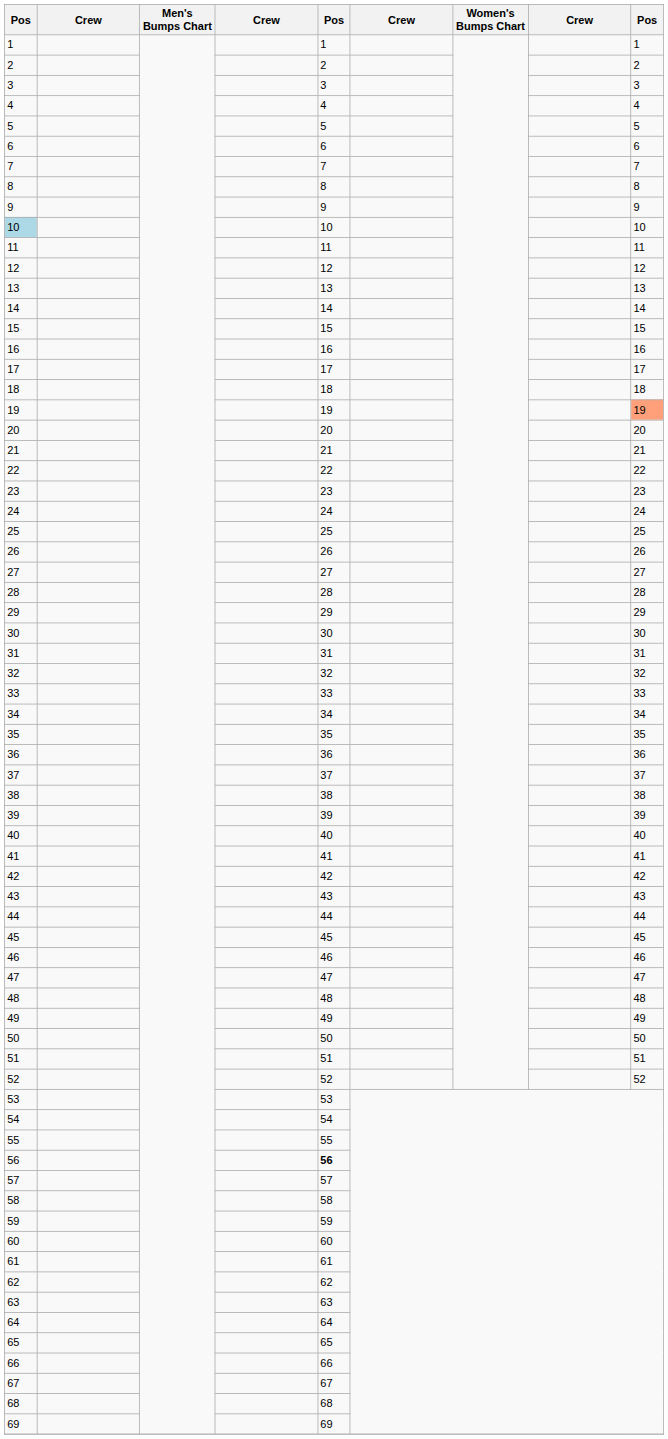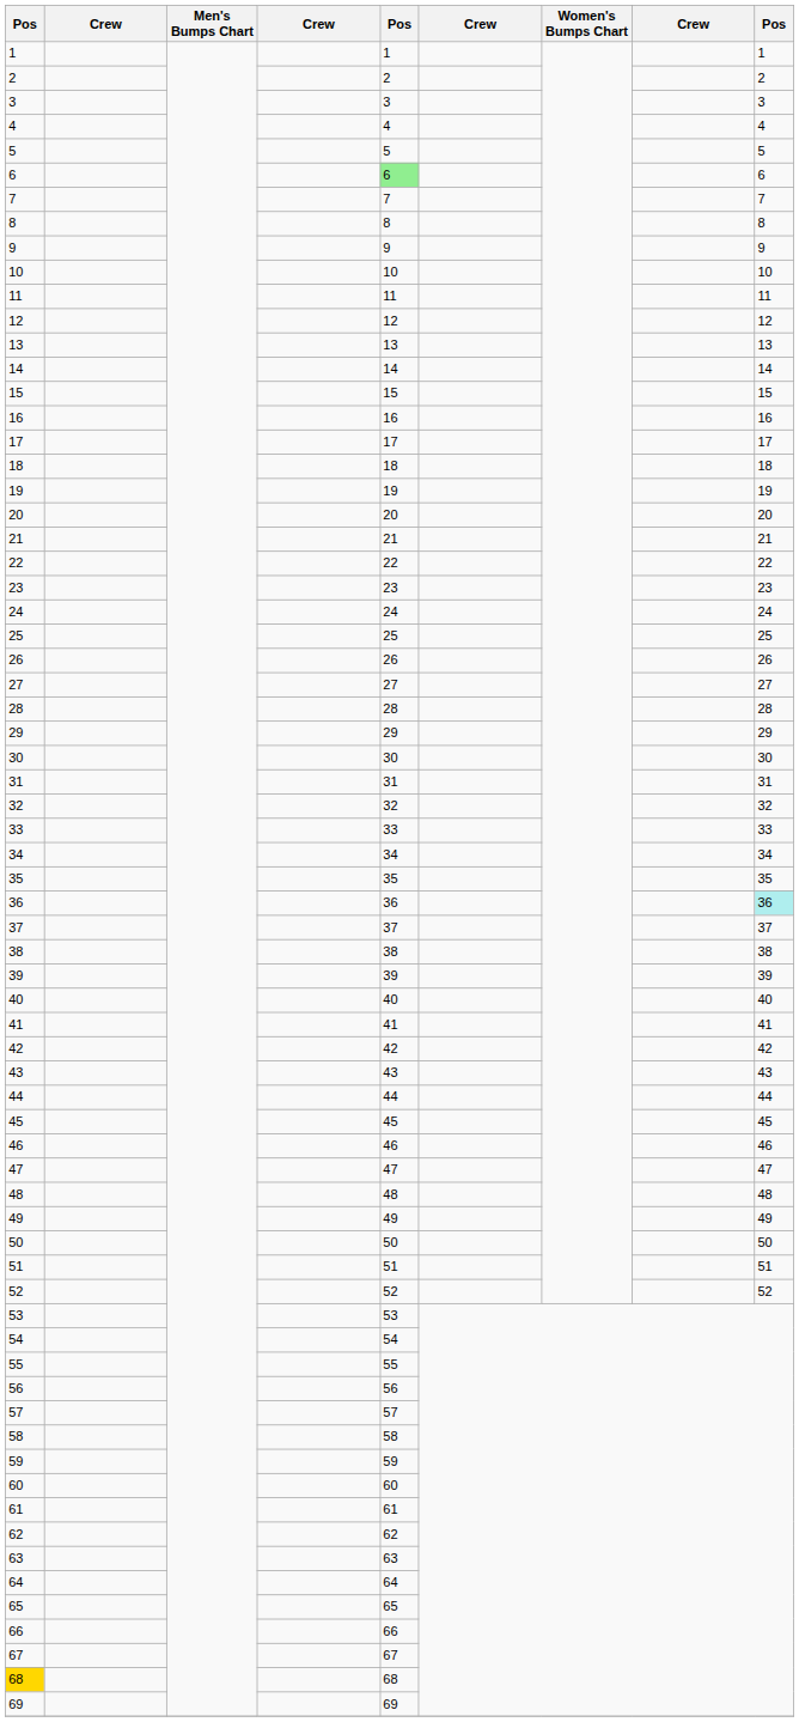 <table class="wikitable" style="font-size:88%; white-space:nowrap; margin:0.5em auto">
 <tr style="white-space:normal">
 <th width=35>Pos</th>
 <th width=125>Crew</th>
 <th width=90>Men's Bumps Chart</th>
 <th width=125>Crew</th>
 <th width=35>Pos</th>
 <th width=125>Crew</th>
 <th width=90>Women's Bumps Chart</th>
 <th width=125>Crew</th>
 <th width=35>Pos</th>
 </tr>
 <tr style="height:26px">
 <td>1</td>
 <td></td>
 <td rowspan="69" style="padding:0"></td>
 <td></td>
 <td>1</td>
 <td></td>
 <td rowspan="52" style="padding:0"></td>
 <td></td>
 <td>1</td>
 </tr>
 <tr style="height:26px">
 <td>2</td>
 <td></td>
 <td></td>
 <td>2</td>
 <td></td>
 <td></td>
 <td>2</td>
 </tr>
 <tr style="height:26px">
 <td>3</td>
 <td></td>
 <td></td>
 <td>3</td>
 <td></td>
 <td></td>
 <td>3</td>
 </tr>
 <tr style="height:26px">
 <td>4</td>
 <td></td>
 <td></td>
 <td>4</td>
 <td></td>
 <td></td>
 <td>4</td>
 </tr>
 <tr style="height:26px">
 <td>5</td>
 <td></td>
 <td></td>
 <td>5</td>
 <td></td>
 <td></td>
 <td>5</td>
 </tr>
 <tr style="height:26px">
 <td>6</td>
 <td></td>
 <td></td>
-<td>6</td>
+<td style="background: lightgreen;">6</td>
 <td></td>
 <td></td>
 <td>6</td>
 </tr>
 <tr style="height:26px">
 <td>7</td>
 <td></td>
 <td></td>
 <td>7</td>
 <td></td>
 <td></td>
 <td>7</td>
 </tr>
 <tr style="height:26px">
 <td>8</td>
 <td></td>
 <td></td>
 <td>8</td>
 <td></td>
 <td></td>
 <td>8</td>
 </tr>
 <tr style="height:26px">
 <td>9</td>
 <td></td>
 <td></td>
 <td>9</td>
 <td></td>
 <td></td>
 <td>9</td>
 </tr>
 <tr style="height:26px">
-<td style="background: lightblue;">10</td>
+<td>10</td>
 <td></td>
 <td></td>
 <td>10</td>
 <td></td>
 <td></td>
 <td>10</td>
 </tr>
 <tr style="height:26px">
 <td>11</td>
 <td></td>
 <td></td>
 <td>11</td>
 <td></td>
 <td></td>
 <td>11</td>
 </tr>
 <tr style="height:26px">
 <td>12</td>
 <td></td>
 <td></td>
 <td>12</td>
 <td></td>
 <td></td>
 <td>12</td>
 </tr>
 <tr style="height:26px">
 <td>13</td>
 <td></td>
 <td></td>
 <td>13</td>
 <td></td>
 <td></td>
 <td>13</td>
 </tr>
 <tr style="height:26px">
 <td>14</td>
 <td></td>
 <td></td>
 <td>14</td>
 <td></td>
 <td></td>
 <td>14</td>
 </tr>
 <tr style="height:26px">
 <td>15</td>
 <td></td>
 <td></td>
 <td>15</td>
 <td></td>
 <td></td>
 <td>15</td>
 </tr>
 <tr style="height:26px">
 <td>16</td>
 <td></td>
 <td></td>
 <td>16</td>
 <td></td>
 <td></td>
 <td>16</td>
 </tr>
 <tr style="height:26px">
 <td>17</td>
 <td></td>
 <td></td>
 <td>17</td>
 <td></td>
 <td></td>
 <td>17</td>
 </tr>
 <tr style="height:26px">
 <td>18</td>
 <td></td>
 <td></td>
 <td>18</td>
 <td></td>
 <td></td>
 <td>18</td>
 </tr>
 <tr style="height:26px">
 <td>19</td>
 <td></td>
 <td></td>
 <td>19</td>
 <td></td>
 <td></td>
-<td style="background: lightsalmon;">19</td>
+<td>19</td>
 </tr>
 <tr style="height:26px">
 <td>20</td>
 <td></td>
 <td></td>
 <td>20</td>
 <td></td>
 <td></td>
 <td>20</td>
 </tr>
 <tr style="height:26px">
 <td>21</td>
 <td></td>
 <td></td>
 <td>21</td>
 <td></td>
 <td></td>
 <td>21</td>
 </tr>
 <tr style="height:26px">
 <td>22</td>
 <td></td>
 <td></td>
 <td>22</td>
 <td></td>
 <td></td>
 <td>22</td>
 </tr>
 <tr style="height:26px">
 <td>23</td>
 <td></td>
 <td></td>
 <td>23</td>
 <td></td>
 <td></td>
 <td>23</td>
 </tr>
 <tr style="height:26px">
 <td>24</td>
 <td></td>
 <td></td>
 <td>24</td>
 <td></td>
 <td></td>
 <td>24</td>
 </tr>
 <tr style="height:26px">
 <td>25</td>
 <td></td>
 <td></td>
 <td>25</td>
 <td></td>
 <td></td>
 <td>25</td>
 </tr>
 <tr style="height:26px">
 <td>26</td>
 <td></td>
 <td></td>
 <td>26</td>
 <td></td>
 <td></td>
 <td>26</td>
 </tr>
 <tr style="height:26px">
 <td>27</td>
 <td></td>
 <td></td>
 <td>27</td>
 <td></td>
 <td></td>
 <td>27</td>
 </tr>
 <tr style="height:26px">
 <td>28</td>
 <td></td>
 <td></td>
 <td>28</td>
 <td></td>
 <td></td>
 <td>28</td>
 </tr>
 <tr style="height:26px">
 <td>29</td>
 <td></td>
 <td></td>
 <td>29</td>
 <td></td>
 <td></td>
 <td>29</td>
 </tr>
 <tr style="height:26px">
 <td>30</td>
 <td></td>
 <td></td>
 <td>30</td>
 <td></td>
 <td></td>
 <td>30</td>
 </tr>
 <tr style="height:26px">
 <td>31</td>
 <td></td>
 <td></td>
 <td>31</td>
 <td></td>
 <td></td>
 <td>31</td>
 </tr>
 <tr style="height:26px">
 <td>32</td>
 <td></td>
 <td></td>
 <td>32</td>
 <td></td>
 <td></td>
 <td>32</td>
 </tr>
 <tr style="height:26px">
 <td>33</td>
 <td></td>
 <td></td>
 <td>33</td>
 <td></td>
 <td></td>
 <td>33</td>
 </tr>
 <tr style="height:26px">
 <td>34</td>
 <td></td>
 <td></td>
 <td>34</td>
 <td></td>
 <td></td>
 <td>34</td>
 </tr>
 <tr style="height:26px">
 <td>35</td>
 <td></td>
 <td></td>
 <td>35</td>
 <td></td>
 <td></td>
 <td>35</td>
 </tr>
 <tr style="height:26px">
 <td>36</td>
 <td></td>
 <td></td>
 <td>36</td>
 <td></td>
 <td></td>
-<td>36</td>
+<td style="background: paleturquoise;">36</td>
 </tr>
 <tr style="height:26px">
 <td>37</td>
 <td></td>
 <td></td>
 <td>37</td>
 <td></td>
 <td></td>
 <td>37</td>
 </tr>
 <tr style="height:26px">
 <td>38</td>
 <td></td>
 <td></td>
 <td>38</td>
 <td></td>
 <td></td>
 <td>38</td>
 </tr>
 <tr style="height:26px">
 <td>39</td>
 <td></td>
 <td></td>
 <td>39</td>
 <td></td>
 <td></td>
 <td>39</td>
 </tr>
 <tr style="height:26px">
 <td>40</td>
 <td></td>
 <td></td>
 <td>40</td>
 <td></td>
 <td></td>
 <td>40</td>
 </tr>
 <tr style="height:26px">
 <td>41</td>
 <td></td>
 <td></td>
 <td>41</td>
 <td></td>
 <td></td>
 <td>41</td>
 </tr>
 <tr style="height:26px">
 <td>42</td>
 <td></td>
 <td></td>
 <td>42</td>
 <td></td>
 <td></td>
 <td>42</td>
 </tr>
 <tr style="height:26px">
 <td>43</td>
 <td></td>
 <td></td>
 <td>43</td>
 <td></td>
 <td></td>
 <td>43</td>
 </tr>
 <tr style="height:26px">
 <td>44</td>
 <td></td>
 <td></td>
 <td>44</td>
 <td></td>
 <td></td>
 <td>44</td>
 </tr>
 <tr style="height:26px">
 <td>45</td>
 <td></td>
 <td></td>
 <td>45</td>
 <td></td>
 <td></td>
 <td>45</td>
 </tr>
 <tr style="height:26px">
 <td>46</td>
 <td></td>
 <td></td>
 <td>46</td>
 <td></td>
 <td></td>
 <td>46</td>
 </tr>
 <tr style="height:26px">
 <td>47</td>
 <td></td>
 <td></td>
 <td>47</td>
 <td></td>
 <td></td>
 <td>47</td>
 </tr>
 <tr style="height:26px">
 <td>48</td>
 <td></td>
 <td></td>
 <td>48</td>
 <td></td>
 <td></td>
 <td>48</td>
 </tr>
 <tr style="height:26px">
 <td>49</td>
 <td></td>
 <td></td>
 <td>49</td>
 <td></td>
 <td></td>
 <td>49</td>
 </tr>
 <tr style="height:26px">
 <td>50</td>
 <td></td>
 <td></td>
 <td>50</td>
 <td></td>
 <td></td>
 <td>50</td>
 </tr>
 <tr style="height:26px">
 <td>51</td>
 <td></td>
 <td></td>
 <td>51</td>
 <td></td>
 <td></td>
 <td>51</td>
 </tr>
 <tr style="height:26px">
 <td>52</td>
 <td></td>
 <td></td>
 <td>52</td>
 <td></td>
 <td></td>
 <td>52</td>
 </tr>
 <tr style="height:26px">
 <td>53</td>
 <td></td>
 <td></td>
 <td>53</td>
 <td colspan="4" rowspan="17"> </td>
 </tr>
 <tr style="height:26px">
 <td>54</td>
 <td></td>
 <td></td>
 <td>54</td>
 </tr>
 <tr style="height:26px">
 <td>55</td>
 <td></td>
 <td></td>
 <td>55</td>
 </tr>
 <tr style="height:26px">
 <td>56</td>
 <td></td>
 <td></td>
-<td><strong>56</strong></td>
+<td>56</td>
 </tr>
 <tr style="height:26px">
 <td>57</td>
 <td></td>
 <td></td>
 <td>57</td>
 </tr>
 <tr style="height:26px">
 <td>58</td>
 <td></td>
 <td></td>
 <td>58</td>
 </tr>
 <tr style="height:26px">
 <td>59</td>
 <td></td>
 <td></td>
 <td>59</td>
 </tr>
 <tr style="height:26px">
 <td>60</td>
 <td></td>
 <td></td>
 <td>60</td>
 </tr>
 <tr style="height:26px">
 <td>61</td>
 <td></td>
 <td></td>
 <td>61</td>
 </tr>
 <tr style="height:26px">
 <td>62</td>
 <td></td>
 <td></td>
 <td>62</td>
 </tr>
 <tr style="height:26px">
 <td>63</td>
 <td></td>
 <td></td>
 <td>63</td>
 </tr>
 <tr style="height:26px">
 <td>64</td>
 <td></td>
 <td></td>
 <td>64</td>
 </tr>
 <tr style="height:26px">
 <td>65</td>
 <td></td>
 <td></td>
 <td>65</td>
 </tr>
 <tr style="height:26px">
 <td>66</td>
 <td></td>
 <td></td>
 <td>66</td>
 </tr>
 <tr style="height:26px">
 <td>67</td>
 <td></td>
 <td></td>
 <td>67</td>
 </tr>
 <tr style="height:26px">
-<td>68</td>
+<td style="background: gold;">68</td>
 <td></td>
 <td></td>
 <td>68</td>
 </tr>
 <tr style="height:26px">
 <td>69</td>
 <td></td>
 <td></td>
 <td>69</td>
 </tr>
 <tr>
 </tr>
 </table>
